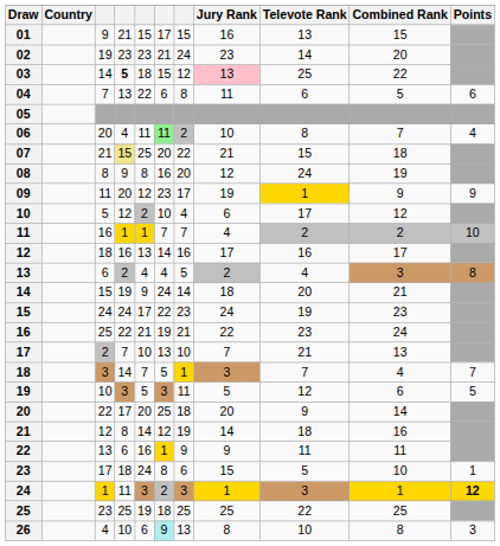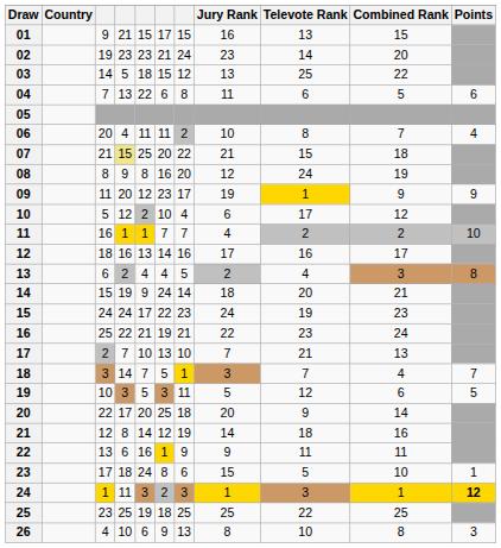 <table class="sortable wikitable collapsible plainrowheaders" style="text-align:center;">
 <tr>
 </tr>
 <tr>
 <th scope="col">Draw</th>
 <th scope="col">Country</th>
 <th scope="col"><small></small></th>
 <th scope="col"><small></small></th>
 <th scope="col"><small></small></th>
 <th scope="col"><small></small></th>
 <th scope="col"><small></small></th>
 <th scope="col">Jury Rank</th>
 <th scope="col">Televote Rank</th>
 <th scope="col">Combined Rank</th>
 <th scope="col">Points</th>
 </tr>
 <tr>
 <th scope="row" style="text-align:center;">01</th>
 <td style="text-align:left;"></td>
 <td>9</td>
 <td>21</td>
 <td>15</td>
 <td>17</td>
 <td>15</td>
 <td>16</td>
 <td>13</td>
 <td>15</td>
 <td style="background:#AAAAAA;"></td>
 </tr>
 <tr>
 <th scope="row" style="text-align:center;">02</th>
 <td style="text-align:left;"></td>
 <td>19</td>
 <td>23</td>
 <td>23</td>
 <td>21</td>
 <td>24</td>
 <td>23</td>
 <td>14</td>
 <td>20</td>
 <td style="background:#AAAAAA;"></td>
 </tr>
 <tr>
 <th scope="row" style="text-align:center;">03</th>
 <td style="text-align:left;"></td>
 <td>14</td>
-<td><strong>5</strong></td>
+<td>5</td>
 <td>18</td>
 <td>15</td>
 <td>12</td>
-<td style="background: pink;">13</td>
+<td>13</td>
 <td>25</td>
 <td>22</td>
 <td style="background:#AAAAAA;"></td>
 </tr>
 <tr>
 <th scope="row" style="text-align:center;">04</th>
 <td style="text-align:left;"></td>
 <td>7</td>
 <td>13</td>
 <td>22</td>
 <td>6</td>
 <td>8</td>
 <td>11</td>
 <td>6</td>
 <td>5</td>
 <td>6</td>
 </tr>
 <tr class="sortbottom">
 <th scope="row" style="text-align:center;">05</th>
 <td style="text-align:left;"></td>
 <td style="background:#AAAAAA;"></td>
 <td style="background:#AAAAAA;"></td>
 <td style="background:#AAAAAA;"></td>
 <td style="background:#AAAAAA;"></td>
 <td style="background:#AAAAAA;"></td>
 <td style="background:#AAAAAA;"></td>
 <td style="background:#AAAAAA;"></td>
 <td style="background:#AAAAAA;"></td>
 <td style="background:#AAAAAA;"></td>
 </tr>
 <tr>
 <th scope="row" style="text-align:center;">06</th>
 <td style="text-align:left;"></td>
 <td>20</td>
 <td>4</td>
 <td>11</td>
-<td style="background: lightgreen;">11</td>
+<td>11</td>
 <td style="background:silver;">2</td>
 <td>10</td>
 <td>8</td>
 <td>7</td>
 <td>4</td>
 </tr>
 <tr>
 <th scope="row" style="text-align:center;">07</th>
 <td style="text-align:left;"></td>
 <td>21</td>
 <td style="background: khaki;">15</td>
 <td>25</td>
 <td>20</td>
 <td>22</td>
 <td>21</td>
 <td>15</td>
 <td>18</td>
 <td style="background:#AAAAAA;"></td>
 </tr>
 <tr>
 <th scope="row" style="text-align:center;">08</th>
 <td style="text-align:left;"></td>
 <td>8</td>
 <td>9</td>
 <td>8</td>
 <td>16</td>
 <td>20</td>
 <td>12</td>
 <td>24</td>
 <td>19</td>
 <td style="background:#AAAAAA;"></td>
 </tr>
 <tr>
 <th scope="row" style="text-align:center;">09</th>
 <td style="text-align:left;"></td>
 <td>11</td>
 <td>20</td>
 <td>12</td>
 <td>23</td>
 <td>17</td>
 <td>19</td>
 <td style="background:gold;">1</td>
 <td>9</td>
 <td>9</td>
 </tr>
 <tr>
 <th scope="row" style="text-align:center;">10</th>
 <td style="text-align:left;"></td>
 <td>5</td>
 <td>12</td>
 <td style="background:silver;">2</td>
 <td>10</td>
 <td>4</td>
 <td>6</td>
 <td>17</td>
 <td>12</td>
 <td style="background:#AAAAAA;"></td>
 </tr>
 <tr>
 <th scope="row" style="text-align:center;">11</th>
 <td style="text-align:left;"></td>
 <td>16</td>
 <td style="background:gold;">1</td>
 <td style="background:gold;">1</td>
 <td>7</td>
 <td>7</td>
 <td>4</td>
 <td style="background:silver;">2</td>
 <td style="background:silver;">2</td>
 <td style="background:silver;">10</td>
 </tr>
 <tr>
 <th scope="row" style="text-align:center;">12</th>
 <td style="text-align:left;"></td>
 <td>18</td>
 <td>16</td>
 <td>13</td>
 <td>14</td>
 <td>16</td>
 <td>17</td>
 <td>16</td>
 <td>17</td>
 <td style="background:#AAAAAA;"></td>
 </tr>
 <tr>
 <th scope="row" style="text-align:center;">13</th>
 <td style="text-align:left;"></td>
 <td>6</td>
 <td style="background:silver;">2</td>
 <td>4</td>
 <td>4</td>
 <td>5</td>
 <td style="background:silver;">2</td>
 <td>4</td>
 <td style="background:#CC9966;">3</td>
 <td style="background:#CC9966;">8</td>
 </tr>
 <tr>
 <th scope="row" style="text-align:center;">14</th>
 <td style="text-align:left;"></td>
 <td>15</td>
 <td>19</td>
 <td>9</td>
 <td>24</td>
 <td>14</td>
 <td>18</td>
 <td>20</td>
 <td>21</td>
 <td style="background:#AAAAAA;"></td>
 </tr>
 <tr>
 <th scope="row" style="text-align:center;">15</th>
 <td style="text-align:left;"></td>
 <td>24</td>
 <td>24</td>
 <td>17</td>
 <td>22</td>
 <td>23</td>
 <td>24</td>
 <td>19</td>
 <td>23</td>
 <td style="background:#AAAAAA;"></td>
 </tr>
 <tr>
 <th scope="row" style="text-align:center;">16</th>
 <td style="text-align:left;"></td>
 <td>25</td>
 <td>22</td>
 <td>21</td>
 <td>19</td>
 <td>21</td>
 <td>22</td>
 <td>23</td>
 <td>24</td>
 <td style="background:#AAAAAA;"></td>
 </tr>
 <tr>
 <th scope="row" style="text-align:center;">17</th>
 <td style="text-align:left;"></td>
 <td style="background:silver;">2</td>
 <td>7</td>
 <td>10</td>
 <td>13</td>
 <td>10</td>
 <td>7</td>
 <td>21</td>
 <td>13</td>
 <td style="background:#AAAAAA;"></td>
 </tr>
 <tr>
 <th scope="row" style="text-align:center;">18</th>
 <td style="text-align:left;"></td>
 <td style="background:#CC9966;">3</td>
 <td>14</td>
 <td>7</td>
 <td>5</td>
 <td style="background:gold;">1</td>
 <td style="background:#CC9966;">3</td>
 <td>7</td>
 <td>4</td>
 <td>7</td>
 </tr>
 <tr>
 <th scope="row" style="text-align:center;">19</th>
 <td style="text-align:left;"></td>
 <td>10</td>
 <td style="background:#CC9966;">3</td>
 <td>5</td>
 <td style="background:#CC9966;">3</td>
 <td>11</td>
 <td>5</td>
 <td>12</td>
 <td>6</td>
 <td>5</td>
 </tr>
 <tr>
 <th scope="row" style="text-align:center;">20</th>
 <td style="text-align:left;"></td>
 <td>22</td>
 <td>17</td>
 <td>20</td>
 <td>25</td>
 <td>18</td>
 <td>20</td>
 <td>9</td>
 <td>14</td>
 <td style="background:#AAAAAA;"></td>
 </tr>
 <tr>
 <th scope="row" style="text-align:center;">21</th>
 <td style="text-align:left;"></td>
 <td>12</td>
 <td>8</td>
 <td>14</td>
 <td>12</td>
 <td>19</td>
 <td>14</td>
 <td>18</td>
 <td>16</td>
 <td style="background:#AAAAAA;"></td>
 </tr>
 <tr>
 <th scope="row" style="text-align:center;">22</th>
 <td style="text-align:left;"></td>
 <td>13</td>
 <td>6</td>
 <td>16</td>
 <td style="background:gold;">1</td>
 <td>9</td>
 <td>9</td>
 <td>11</td>
 <td>11</td>
 <td style="background:#AAAAAA;"></td>
 </tr>
 <tr>
 <th scope="row" style="text-align:center;">23</th>
 <td style="text-align:left;"></td>
 <td>17</td>
 <td>18</td>
 <td>24</td>
 <td>8</td>
 <td>6</td>
 <td>15</td>
 <td>5</td>
 <td>10</td>
 <td>1</td>
 </tr>
 <tr>
 <th scope="row" style="text-align:center;">24</th>
 <td style="text-align:left;"></td>
 <td style="background:gold;">1</td>
 <td>11</td>
 <td style="background:#CC9966;">3</td>
 <td style="background:silver;">2</td>
 <td style="background:#CC9966;">3</td>
 <td style="background:gold;">1</td>
 <td style="background:#CC9966;">3</td>
 <td style="background:gold;">1</td>
 <td style="background:gold;"><strong>12</strong></td>
 </tr>
 <tr>
 <th scope="row" style="text-align:center;">25</th>
 <td style="text-align:left;"></td>
 <td>23</td>
 <td>25</td>
 <td>19</td>
 <td>18</td>
 <td>25</td>
 <td>25</td>
 <td>22</td>
 <td>25</td>
 <td style="background:#AAAAAA;"></td>
 </tr>
 <tr>
 <th scope="row" style="text-align:center;">26</th>
 <td style="text-align:left;"></td>
 <td>4</td>
 <td>10</td>
 <td>6</td>
-<td style="background: paleturquoise;">9</td>
+<td>9</td>
 <td>13</td>
 <td>8</td>
 <td>10</td>
 <td>8</td>
 <td>3</td>
 </tr>
 </table>
